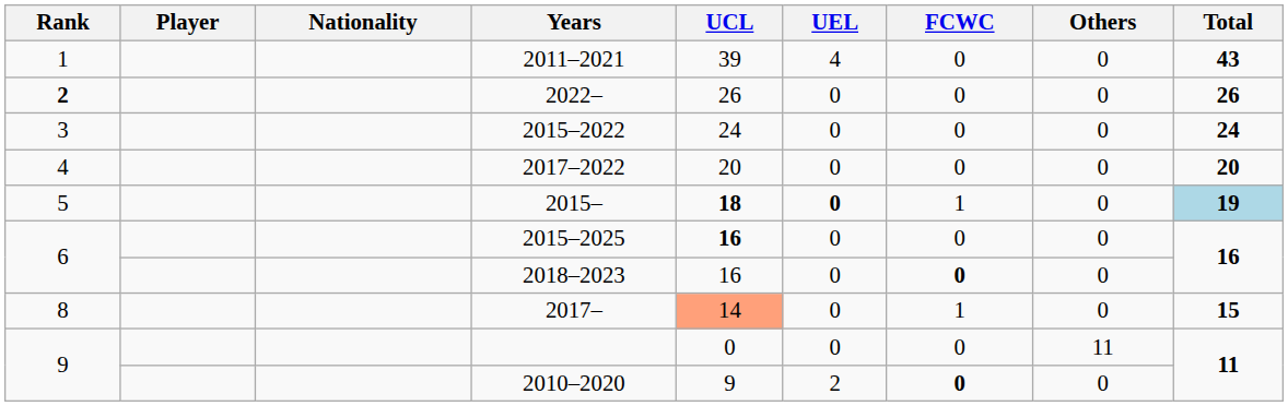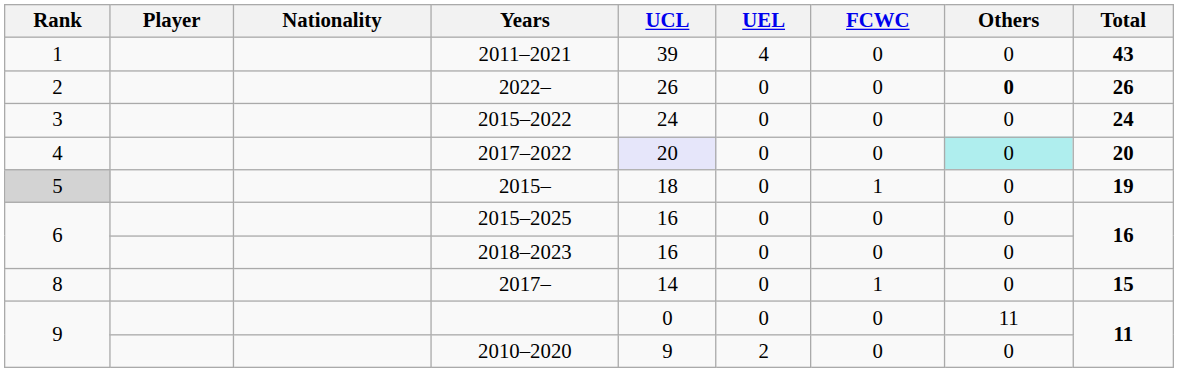 <table class="wikitable sortable" style="text-align:center;width:900px">
 <tr>
 <th>Rank</th>
 <th>Player</th>
 <th>Nationality</th>
 <th>Years</th>
 <th><a href='#'>UCL</a></th>
 <th><a href='#'>UEL</a></th>
 <th><a href='#'>FCWC</a></th>
 <th>Others</th>
 <th>Total</th>
 </tr>
 <tr>
 <td>1</td>
 <td></td>
 <td align=left></td>
 <td>2011–2021</td>
 <td>39</td>
 <td>4</td>
 <td>0</td>
 <td>0</td>
 <td><strong>43</strong></td>
 </tr>
 <tr>
-<td><strong>2</strong></td>
+<td>2</td>
 <td><strong></strong></td>
 <td align="left"></td>
 <td>2022–</td>
 <td>26</td>
 <td>0</td>
 <td>0</td>
-<td>0</td>
+<td><strong>0</strong></td>
 <td><strong>26</strong></td>
 </tr>
 <tr>
 <td>3</td>
 <td></td>
 <td align="left"></td>
 <td>2015–2022</td>
 <td>24</td>
 <td>0</td>
 <td>0</td>
 <td>0</td>
 <td><strong>24</strong></td>
 </tr>
 <tr>
 <td>4</td>
 <td></td>
 <td align="left"></td>
 <td>2017–2022</td>
-<td>20</td>
+<td style="background: lavender;">20</td>
 <td>0</td>
 <td>0</td>
-<td>0</td>
+<td style="background: paleturquoise;">0</td>
 <td><strong>20</strong></td>
 </tr>
 <tr>
-<td>5</td>
+<td style="background: lightgrey;">5</td>
 <td><strong></strong></td>
 <td align="left"></td>
 <td>2015–</td>
-<td><strong>18</strong></td>
-<td><strong>0</strong></td>
+<td>18</td>
+<td>0</td>
 <td>1</td>
 <td>0</td>
-<td style="background: lightblue;"><strong>19</strong></td>
+<td><strong>19</strong></td>
 </tr>
 <tr>
 <td rowspan="2">6</td>
 <td></td>
 <td align="left"></td>
 <td>2015–2025</td>
-<td><strong>16</strong></td>
+<td>16</td>
 <td>0</td>
 <td>0</td>
 <td>0</td>
 <td rowspan="2"><strong>16</strong></td>
 </tr>
 <tr>
 <td></td>
 <td align="left"></td>
 <td>2018–2023</td>
 <td>16</td>
 <td>0</td>
-<td><strong>0</strong></td>
+<td>0</td>
 <td>0</td>
 </tr>
 <tr>
 <td>8</td>
 <td><strong></strong></td>
 <td align="left"></td>
 <td>2017–</td>
-<td style="background: lightsalmon;">14</td>
+<td>14</td>
 <td>0</td>
 <td>1</td>
 <td>0</td>
 <td><strong>15</strong></td>
 </tr>
 <tr>
 <td rowspan="2">9</td>
 <td></td>
 <td align="left"></td>
 <td></td>
 <td>0</td>
 <td>0</td>
 <td>0</td>
 <td>11</td>
 <td rowspan="2"><strong>11</strong></td>
 </tr>
 <tr>
 <td></td>
 <td align=left></td>
 <td>2010–2020</td>
 <td>9</td>
 <td>2</td>
-<td><strong>0</strong></td>
+<td>0</td>
 <td>0</td>
 </tr>
 </table>
